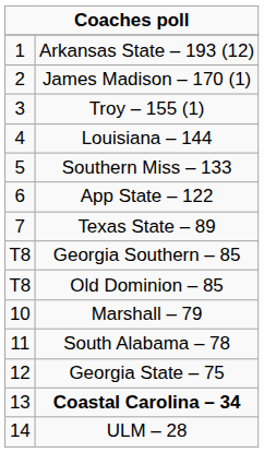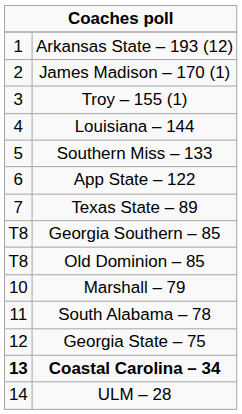 <table class="wikitable" style="display: inline-table;">
 <tr>
 <td align="center" Colspan="3"><strong>Coaches poll</strong></td>
 </tr>
 <tr align="center">
 </tr>
 <tr align="center">
 <td>1</td>
 <td>Arkansas State – 193 (12)</td>
 </tr>
 <tr align="center">
 <td>2</td>
 <td>James Madison – 170 (1)</td>
 </tr>
 <tr align="center">
 <td>3</td>
 <td>Troy – 155 (1)</td>
 </tr>
 <tr align="center">
 <td>4</td>
 <td>Louisiana – 144</td>
 </tr>
 <tr align="center">
 <td>5</td>
 <td>Southern Miss – 133</td>
 </tr>
 <tr align="center">
 <td>6</td>
 <td>App State – 122</td>
 </tr>
 <tr align="center">
 <td>7</td>
 <td>Texas State – 89</td>
 </tr>
 <tr align="center">
 <td>T8</td>
 <td>Georgia Southern – 85</td>
 </tr>
 <tr align="center">
 <td>T8</td>
 <td>Old Dominion – 85</td>
 </tr>
 <tr align="center">
 <td>10</td>
 <td>Marshall – 79</td>
 </tr>
 <tr align="center">
 <td>11</td>
 <td>South Alabama – 78</td>
 </tr>
 <tr align="center">
 <td>12</td>
 <td>Georgia State – 75</td>
 </tr>
 <tr align="center">
-<td>13</td>
+<td><strong>13</strong></td>
 <td><strong>Coastal Carolina – 34</strong></td>
 </tr>
 <tr align="center">
 <td>14</td>
 <td>ULM – 28</td>
 </tr>
 </table>
